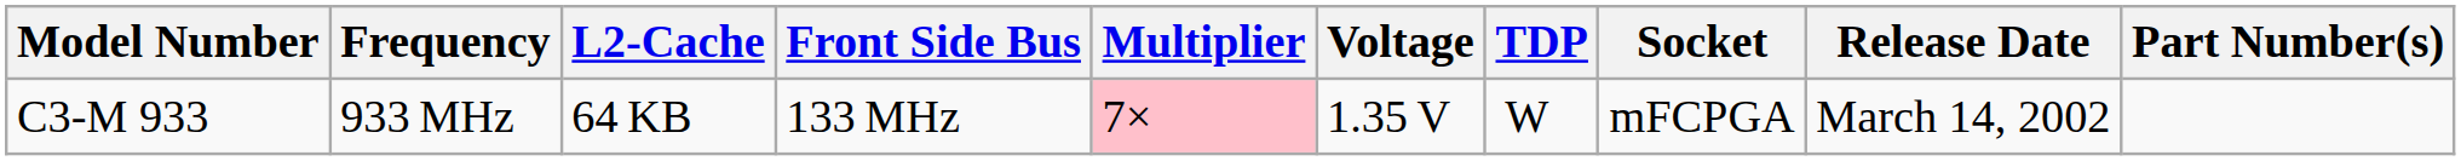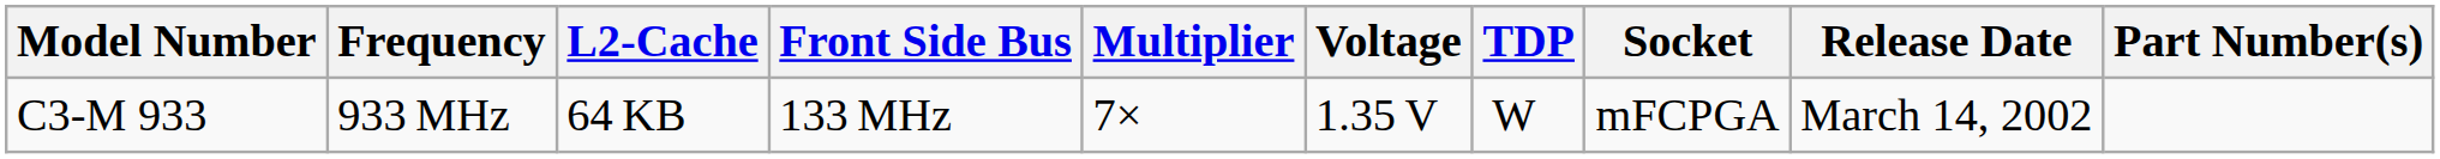 <table class="wikitable">
 <tr>
 <th>Model Number</th>
 <th>Frequency</th>
 <th><a href='#'>L2-Cache</a></th>
 <th><a href='#'>Front Side Bus</a></th>
 <th><a href='#'>Multiplier</a></th>
 <th>Voltage</th>
 <th><a href='#'>TDP</a></th>
 <th>Socket</th>
 <th>Release Date</th>
 <th>Part Number(s)</th>
 </tr>
 <tr>
 <td>C3-M 933</td>
 <td>933 MHz</td>
 <td>64 KB</td>
 <td>133 MHz</td>
-<td style="background: pink;">7×</td>
+<td>7×</td>
 <td>1.35 V</td>
 <td> W</td>
 <td>mFCPGA</td>
 <td rowspan=2>March 14, 2002</td>
 <td></td>
 </tr>
 </table>
